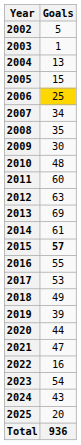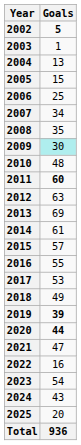 <table class="wikitable plainrowheaders sortable" style="text-align:center">
 <tr>
 <th>Year</th>
 <th>Goals</th>
 </tr>
 <tr>
 <th scope="row" style="text-align:left">2002</th>
-<td>5</td>
+<td><strong>5</strong></td>
 </tr>
 <tr>
 <th scope="row" style="text-align:left">2003</th>
 <td>1</td>
 </tr>
 <tr>
 <th scope="row" style="text-align:left">2004</th>
 <td>13</td>
 </tr>
 <tr>
 <th scope="row" style="text-align:left">2005</th>
 <td>15</td>
 </tr>
 <tr>
 <th scope="row" style="text-align:left">2006</th>
-<td style="background: gold;">25</td>
+<td>25</td>
 </tr>
 <tr>
 <th scope="row" style="text-align:left">2007</th>
 <td>34</td>
 </tr>
 <tr>
 <th scope="row" style="text-align:left">2008</th>
 <td>35</td>
 </tr>
 <tr>
 <th scope="row" style="text-align:left">2009</th>
-<td>30</td>
+<td style="background: paleturquoise;">30</td>
 </tr>
 <tr>
 <th scope="row" style="text-align:left">2010</th>
 <td>48</td>
 </tr>
 <tr>
 <th scope="row" style="text-align:left">2011</th>
-<td>60</td>
+<td><strong>60</strong></td>
 </tr>
 <tr>
 <th scope="row" style="text-align:left">2012</th>
 <td>63</td>
 </tr>
 <tr>
 <th scope="row" style="text-align:left">2013</th>
 <td>69</td>
 </tr>
 <tr>
 <th scope="row" style="text-align:left">2014</th>
 <td>61</td>
 </tr>
 <tr>
 <th scope="row" style="text-align:left">2015</th>
-<td><strong>57</strong></td>
+<td>57</td>
 </tr>
 <tr>
 <th scope="row" style="text-align:left">2016</th>
 <td>55</td>
 </tr>
 <tr>
 <th scope="row" style="text-align:left">2017</th>
 <td>53</td>
 </tr>
 <tr>
 <th scope="row" style="text-align:left">2018</th>
 <td>49</td>
 </tr>
 <tr>
 <th scope="row" style="text-align:left">2019</th>
-<td>39</td>
+<td><strong>39</strong></td>
 </tr>
 <tr>
 <th scope="row" style="text-align:left">2020</th>
-<td>44</td>
+<td><strong>44</strong></td>
 </tr>
 <tr>
 <th scope="row" style="text-align:left">2021</th>
 <td>47</td>
 </tr>
 <tr>
 <th scope="row" style="text-align:left">2022</th>
 <td>16</td>
 </tr>
 <tr>
 <th scope="row" style="text-align:left">2023</th>
 <td>54</td>
 </tr>
 <tr>
 <th scope="row" style="text-align:left">2024</th>
 <td>43</td>
 </tr>
 <tr>
 <th scope="row" style="text-align:left">2025</th>
 <td>20</td>
 </tr>
 <tr>
 <th>Total</th>
 <th>936</th>
 </tr>
 </table>
